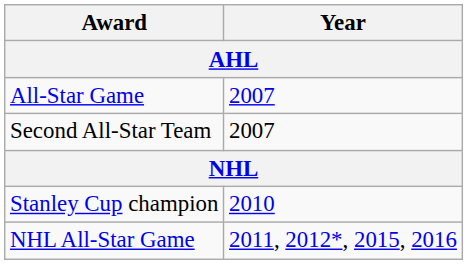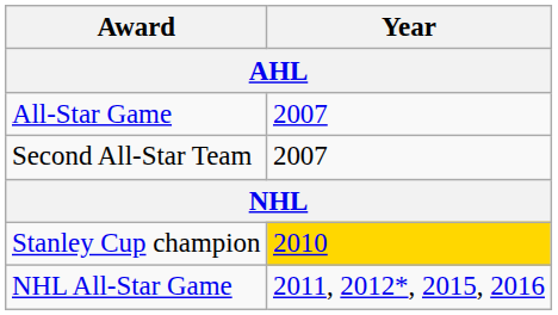 <table class="wikitable">
 <tr>
 <th>Award</th>
 <th>Year</th>
 </tr>
 <tr>
 <th colspan="2"><a href='#'>AHL</a></th>
 </tr>
 <tr>
 <td><a href='#'>All-Star Game</a></td>
 <td><a href='#'>2007</a></td>
 </tr>
 <tr>
 <td>Second All-Star Team</td>
 <td>2007</td>
 </tr>
 <tr>
 <th colspan="2"><a href='#'>NHL</a></th>
 </tr>
 <tr>
 <td><a href='#'>Stanley Cup</a> champion</td>
-<td><a href='#'>2010</a></td>
+<td style="background: gold;"><a href='#'>2010</a></td>
 </tr>
 <tr>
 <td><a href='#'>NHL All-Star Game</a></td>
 <td><a href='#'>2011</a>, <a href='#'>2012*</a>, <a href='#'>2015</a>, <a href='#'>2016</a></td>
 </tr>
 </table>
